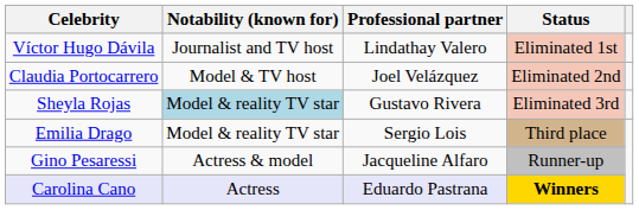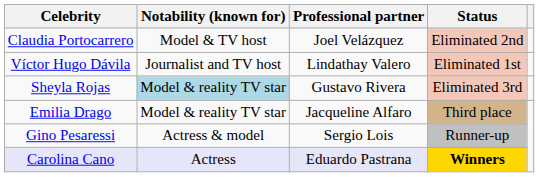 <table class= "wikitable sortable" style="text-align: center; margin:auto; align: center">
 <tr>
 <th>Celebrity</th>
 <th>Notability (known for)</th>
 <th>Professional partner</th>
 <th>Status</th>
 <th class="unsortable"></th>
 </tr>
 <tr>
+<td><a href='#'>Claudia Portocarrero</a></td>
+<td>Model & TV host</td>
+<td>Joel Velázquez</td>
+<td style="background:#f4c7b8">Eliminated 2nd <br> </td>
+<td></td>
+</tr>
+<tr>
 <td><a href='#'>Víctor Hugo Dávila</a></td>
 <td>Journalist and TV host</td>
 <td>Lindathay Valero<br></td>
 <td style="background:#f4c7b8">Eliminated 1st <br> </td>
-<td></td>
-</tr>
-<tr>
-<td><a href='#'>Claudia Portocarrero</a></td>
-<td>Model & TV host</td>
-<td>Joel Velázquez</td>
-<td style="background:#f4c7b8">Eliminated 2nd <br> </td>
 <td></td>
 </tr>
 <tr>
 <td><a href='#'>Sheyla Rojas</a></td>
 <td style="background: lightblue;">Model & reality TV star</td>
 <td>Gustavo Rivera</td>
 <td style="background:#f4c7b8">Eliminated 3rd <br> </td>
 <td></td>
 </tr>
 <tr>
 <td><a href='#'>Emilia Drago</a></td>
 <td>Model & reality TV star</td>
-<td>Sergio Lois</td>
+<td>Jacqueline Alfaro</td>
 <td style="background:tan">Third place <br> </td>
 <td rowspan=3></td>
 </tr>
 <tr>
 <td><a href='#'>Gino Pesaressi</a></td>
 <td>Actress & model</td>
-<td>Jacqueline Alfaro</td>
+<td>Sergio Lois</td>
 <td style="background:silver;text-align:center">Runner-up <br> </td>
 </tr>
 <tr>
 <td bgcolor=lavender><a href='#'>Carolina Cano</a></td>
 <td bgcolor=lavender>Actress</td>
 <td bgcolor=lavender>Eduardo Pastrana</td>
 <td style="background:gold;text-align:center"><strong>Winners</strong> <br> </td>
 </tr>
 </table>
